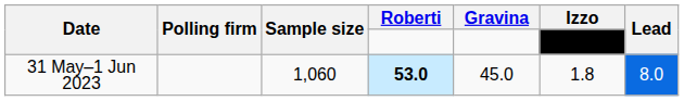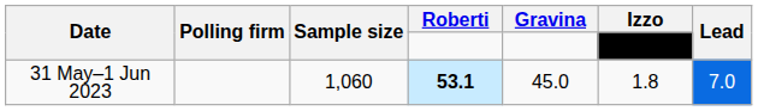 <table class=wikitable style="text-align:center;font-size:85%;line-height:13px">
 <tr>
 <th rowspan="2" style="width:114px;">Date</th>
 <th rowspan="2">Polling firm</th>
 <th rowspan="2">Sample size</th>
 <th style="width:61px;"><a href='#'>Roberti</a></th>
 <th style="width:61px;"><a href='#'>Gravina</a></th>
 <th style="width:61px;">Izzo</th>
 <th rowspan="2" style="width:35px;">Lead</th>
 </tr>
 <tr>
 <td></td>
 <td></td>
 <td bgcolor="black"><br></td>
 </tr>
 <tr>
 <td>31 May–1 Jun 2023</td>
 <td></td>
 <td>1,060</td>
-<td style="background:#C8EBFF"><strong>53.0</strong></td>
+<td style="background:#C8EBFF"><strong>53.1</strong></td>
 <td>45.0</td>
 <td>1.8</td>
-<td style="background:#0A6BE1; color:white;">8.0</td>
+<td style="background:#0A6BE1; color:white;">7.0</td>
 </tr>
 </table>
